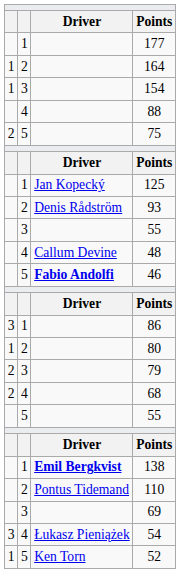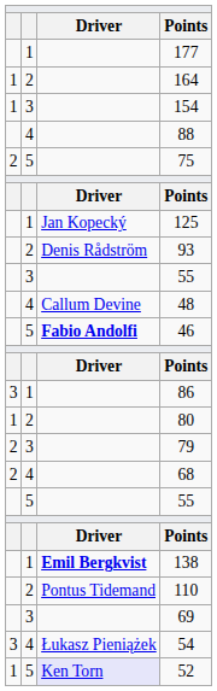 <table class="wikitable" style="font-size: 85%;">
 <tr>
 <td style="background-color:#EAECF0; text-align:center" colspan="4"></td>
 </tr>
 <tr>
 <th></th>
 <th></th>
 <th>Driver</th>
 <th>Points</th>
 </tr>
 <tr>
 <td align="left"></td>
 <td align="center">1</td>
 <td></td>
 <td align="center">177</td>
 </tr>
 <tr>
 <td align="left"> 1</td>
 <td align="center">2</td>
 <td></td>
 <td align="center">164</td>
 </tr>
 <tr>
 <td align="left"> 1</td>
 <td align="center">3</td>
 <td></td>
 <td align="center">154</td>
 </tr>
 <tr>
 <td align="left"></td>
 <td align="center">4</td>
 <td></td>
 <td align="center">88</td>
 </tr>
 <tr>
 <td align="left"> 2</td>
 <td align="center">5</td>
 <td></td>
 <td align="center">75</td>
 </tr>
 <tr>
 <td style="background-color:#EAECF0; text-align:center" colspan="4"></td>
 </tr>
 <tr>
 <th></th>
 <th></th>
 <th>Driver</th>
 <th>Points</th>
 </tr>
 <tr>
 <td align="left"></td>
 <td align="center">1</td>
 <td> <a href='#'>Jan Kopecký</a></td>
 <td align="center">125</td>
 </tr>
 <tr>
 <td align="left"></td>
 <td align="center">2</td>
 <td> <a href='#'>Denis Rådström</a></td>
 <td align="center">93</td>
 </tr>
 <tr>
 <td align="left"></td>
 <td align="center">3</td>
 <td></td>
 <td align="center">55</td>
 </tr>
 <tr>
 <td align="left"></td>
 <td align="center">4</td>
 <td> <a href='#'>Callum Devine</a></td>
 <td align="center">48</td>
 </tr>
 <tr>
 <td align="left"></td>
 <td align="center">5</td>
 <td><strong> <a href='#'>Fabio Andolfi</a></strong></td>
 <td align="center">46</td>
 </tr>
 <tr>
 <td style="background-color:#EAECF0; text-align:center" colspan="4"></td>
 </tr>
 <tr>
 <th></th>
 <th></th>
 <th>Driver</th>
 <th>Points</th>
 </tr>
 <tr>
 <td align="left"> 3</td>
 <td align="center">1</td>
 <td></td>
 <td align="center">86</td>
 </tr>
 <tr>
 <td align="left"> 1</td>
 <td align="center">2</td>
 <td></td>
 <td align="center">80</td>
 </tr>
 <tr>
 <td align="left"> 2</td>
 <td align="center">3</td>
 <td></td>
 <td align="center">79</td>
 </tr>
 <tr>
 <td align="left"> 2</td>
 <td align="center">4</td>
 <td></td>
 <td align="center">68</td>
 </tr>
 <tr>
 <td align="left"></td>
 <td align="center">5</td>
 <td></td>
 <td align="center">55</td>
 </tr>
 <tr>
 <td style="background-color:#EAECF0; text-align:center" colspan="4"></td>
 </tr>
 <tr>
 <th></th>
 <th></th>
 <th>Driver</th>
 <th>Points</th>
 </tr>
 <tr>
 <td align="left"></td>
 <td align="center">1</td>
 <td><strong> <a href='#'>Emil Bergkvist</a></strong></td>
 <td align="center">138</td>
 </tr>
 <tr>
 <td align="left"></td>
 <td align="center">2</td>
 <td> <a href='#'>Pontus Tidemand</a></td>
 <td align="center">110</td>
 </tr>
 <tr>
 <td align="left"></td>
 <td align="center">3</td>
 <td></td>
 <td align="center">69</td>
 </tr>
 <tr>
 <td align="left"> 3</td>
 <td align="center">4</td>
 <td> <a href='#'>Łukasz Pieniążek</a></td>
 <td align="center">54</td>
 </tr>
 <tr>
 <td align="left"> 1</td>
 <td align="center">5</td>
-<td> <a href='#'>Ken Torn</a></td>
+<td style="background: lavender;"> <a href='#'>Ken Torn</a></td>
 <td align="center">52</td>
 </tr>
 </table>
